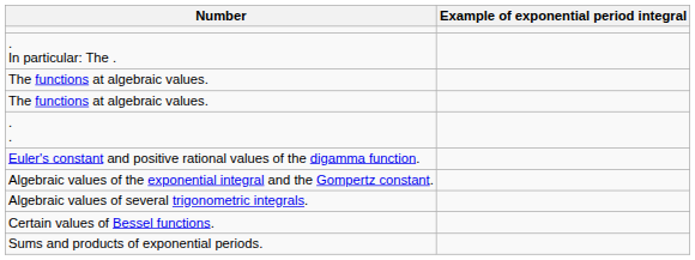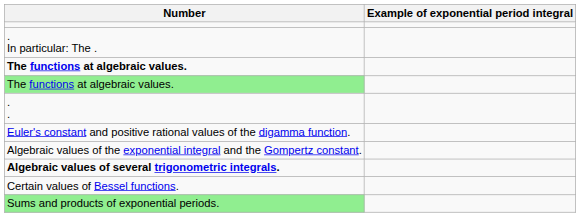 <table class="wikitable">
 <tr>
 <th>Number</th>
 <th>Example of exponential period integral</th>
 </tr>
 <tr>
 <td></td>
 <td></td>
 </tr>
 <tr>
 <td>.<br>In particular: The <a href='#'></a>.</td>
 <td></td>
 </tr>
 <tr>
-<td>The <a href='#'>functions</a> at algebraic values.</td>
+<td><strong>The <a href='#'>functions</a> at algebraic values.</strong></td>
 <td></td>
 </tr>
 <tr>
-<td>The <a href='#'>functions</a> at algebraic values.</td>
+<td style="background: lightgreen;">The <a href='#'>functions</a> at algebraic values.</td>
 <td></td>
 </tr>
 <tr>
 <td>.<br>.</td>
 <td></td>
 </tr>
 <tr>
 <td><a href='#'>Euler's constant</a> and positive rational values of the <a href='#'>digamma function</a>.</td>
 <td></td>
 </tr>
 <tr>
 <td>Algebraic values of the <a href='#'>exponential integral</a> and the <a href='#'>Gompertz constant</a>.</td>
 <td></td>
 </tr>
 <tr>
-<td>Algebraic values of several <a href='#'>trigonometric integrals</a>.</td>
+<td><strong>Algebraic values of several <a href='#'>trigonometric integrals</a>.</strong></td>
 <td></td>
 </tr>
 <tr>
 <td>Certain values of <a href='#'>Bessel functions</a>.</td>
 <td></td>
 </tr>
 <tr>
-<td>Sums and products of exponential periods.</td>
+<td style="background: lightgreen;">Sums and products of exponential periods.</td>
 <td></td>
 </tr>
 </table>
